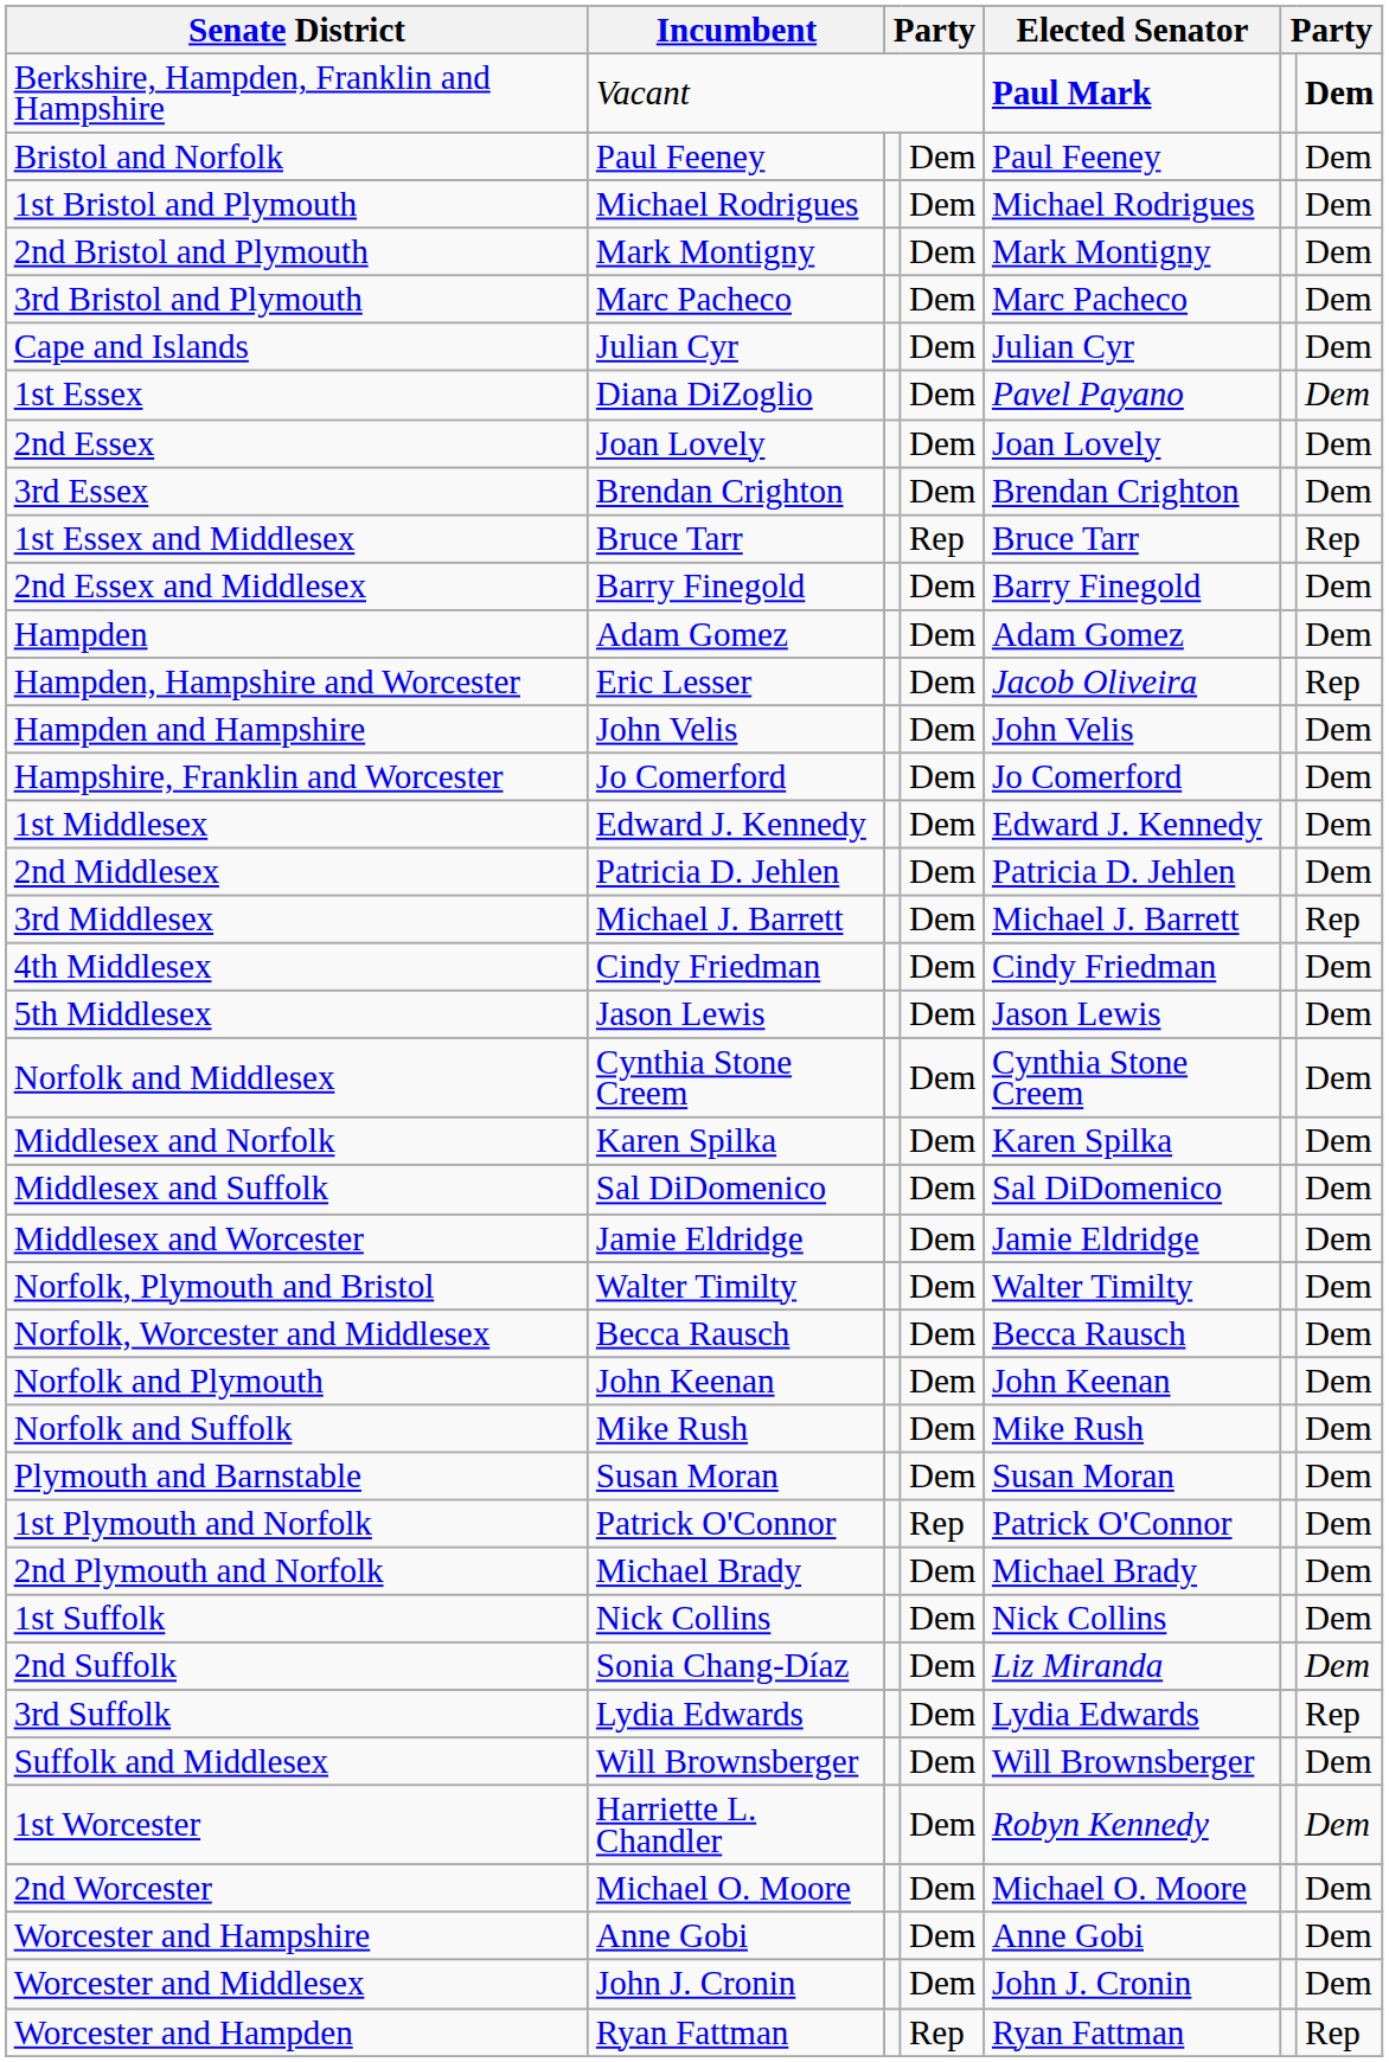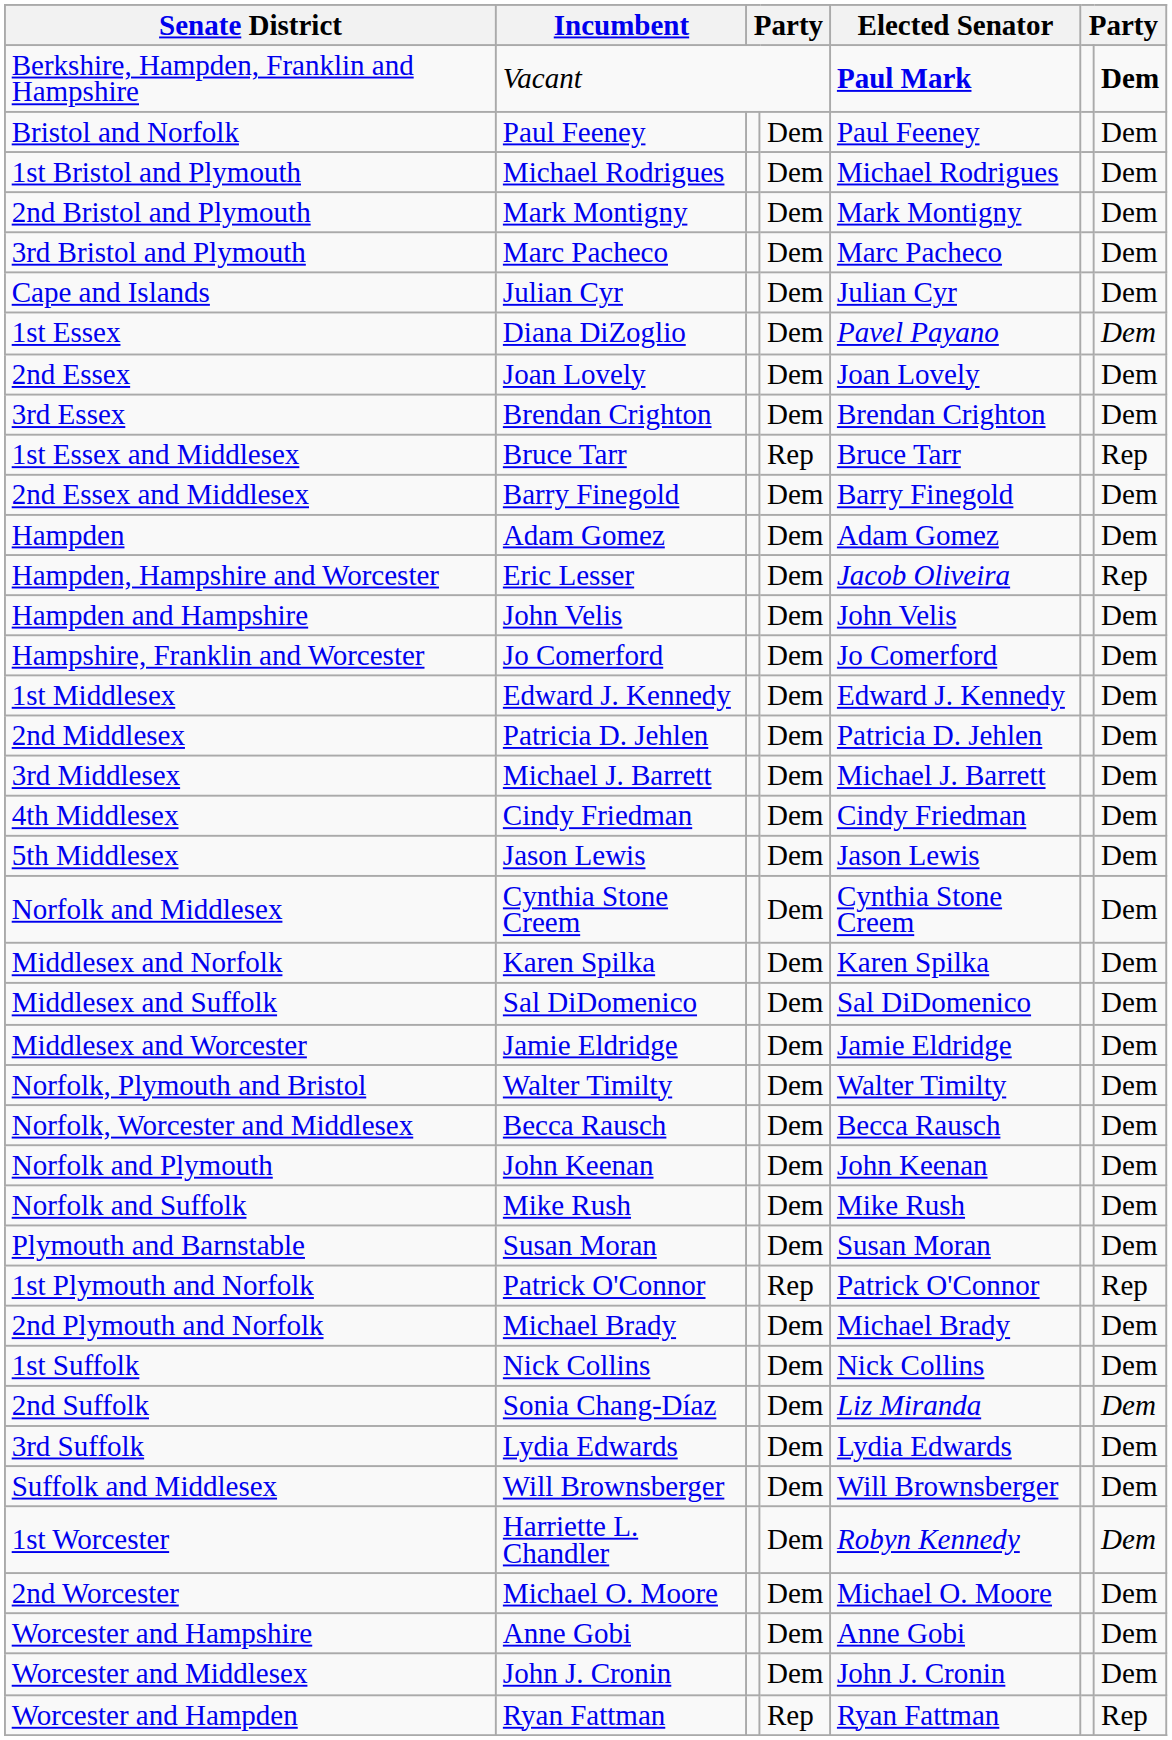 <table class="sortable wikitable" style="font-size:95%;line-height:14px;">
 <tr>
 <th class="unsortable"><a href='#'>Senate</a> District</th>
 <th class="unsortable"><a href='#'>Incumbent</a></th>
 <th colspan="2">Party</th>
 <th class="unsortable">Elected Senator</th>
 <th colspan="2">Party</th>
 </tr>
 <tr>
 <td><a href='#'>Berkshire, Hampden, Franklin and Hampshire</a></td>
 <td colspan=3><em>Vacant</em></td>
 <td><strong><a href='#'>Paul Mark</a></strong></td>
 <td style="background:"></td>
 <td><strong>Dem</strong></td>
 </tr>
 <tr>
 <td><a href='#'>Bristol and Norfolk</a></td>
 <td><a href='#'>Paul Feeney</a></td>
 <td style="background:"></td>
 <td>Dem</td>
 <td><a href='#'>Paul Feeney</a></td>
 <td style="background:"></td>
 <td>Dem</td>
 </tr>
 <tr>
 <td><a href='#'>1st Bristol and Plymouth</a></td>
 <td><a href='#'>Michael Rodrigues</a></td>
 <td style="background:"></td>
 <td>Dem</td>
 <td><a href='#'>Michael Rodrigues</a></td>
 <td style="background:"></td>
 <td>Dem</td>
 </tr>
 <tr>
 <td><a href='#'>2nd Bristol and Plymouth</a></td>
 <td><a href='#'>Mark Montigny</a></td>
 <td style="background:"></td>
 <td>Dem</td>
 <td><a href='#'>Mark Montigny</a></td>
 <td style="background:"></td>
 <td>Dem</td>
 </tr>
 <tr>
 <td><a href='#'>3rd Bristol and Plymouth</a></td>
 <td><a href='#'>Marc Pacheco</a></td>
 <td style="background:"></td>
 <td>Dem</td>
 <td><a href='#'>Marc Pacheco</a></td>
 <td style="background:"></td>
 <td>Dem</td>
 </tr>
 <tr>
 <td><a href='#'>Cape and Islands</a></td>
 <td><a href='#'>Julian Cyr</a></td>
 <td style="background:"></td>
 <td>Dem</td>
 <td><a href='#'>Julian Cyr</a></td>
 <td style="background:"></td>
 <td>Dem</td>
 </tr>
 <tr>
 <td><a href='#'>1st Essex</a></td>
 <td><a href='#'>Diana DiZoglio</a></td>
 <td style="background:"></td>
 <td>Dem</td>
 <td><em><a href='#'>Pavel Payano</a></em></td>
 <td style="background:"></td>
 <td><em>Dem</em></td>
 </tr>
 <tr>
 <td><a href='#'>2nd Essex</a></td>
 <td><a href='#'>Joan Lovely</a></td>
 <td style="background:"></td>
 <td>Dem</td>
 <td><a href='#'>Joan Lovely</a></td>
 <td style="background:"></td>
 <td>Dem</td>
 </tr>
 <tr>
 <td><a href='#'>3rd Essex</a></td>
 <td><a href='#'>Brendan Crighton</a></td>
 <td style="background:"></td>
 <td>Dem</td>
 <td><a href='#'>Brendan Crighton</a></td>
 <td style="background:"></td>
 <td>Dem</td>
 </tr>
 <tr>
 <td><a href='#'>1st Essex and Middlesex</a></td>
 <td><a href='#'>Bruce Tarr</a></td>
 <td style="background:"></td>
 <td>Rep</td>
 <td><a href='#'>Bruce Tarr</a></td>
 <td style="background:"></td>
 <td>Rep</td>
 </tr>
 <tr>
 <td><a href='#'>2nd Essex and Middlesex</a></td>
 <td><a href='#'>Barry Finegold</a></td>
 <td style="background:"></td>
 <td>Dem</td>
 <td><a href='#'>Barry Finegold</a></td>
 <td style="background:"></td>
 <td>Dem</td>
 </tr>
 <tr>
 <td><a href='#'>Hampden</a></td>
 <td><a href='#'>Adam Gomez</a></td>
 <td style="background:"></td>
 <td>Dem</td>
 <td><a href='#'>Adam Gomez</a></td>
 <td style="background:"></td>
 <td>Dem</td>
 </tr>
 <tr>
 <td><a href='#'>Hampden, Hampshire and Worcester</a></td>
 <td><a href='#'>Eric Lesser</a></td>
 <td style="background:"></td>
 <td>Dem</td>
 <td><em><a href='#'>Jacob Oliveira</a></em></td>
 <td style="background:"></td>
 <td>Rep</td>
 </tr>
 <tr>
 <td><a href='#'>Hampden and Hampshire</a></td>
 <td><a href='#'>John Velis</a></td>
 <td style="background:"></td>
 <td>Dem</td>
 <td><a href='#'>John Velis</a></td>
 <td style="background:"></td>
 <td>Dem</td>
 </tr>
 <tr>
 <td><a href='#'>Hampshire, Franklin and Worcester</a></td>
 <td><a href='#'>Jo Comerford</a></td>
 <td style="background:"></td>
 <td>Dem</td>
 <td><a href='#'>Jo Comerford</a></td>
 <td style="background:"></td>
 <td>Dem</td>
 </tr>
 <tr>
 <td><a href='#'>1st Middlesex</a></td>
 <td><a href='#'>Edward J. Kennedy</a></td>
 <td style="background:"></td>
 <td>Dem</td>
 <td><a href='#'>Edward J. Kennedy</a></td>
 <td style="background:"></td>
 <td>Dem</td>
 </tr>
 <tr>
 <td><a href='#'>2nd Middlesex</a></td>
 <td><a href='#'>Patricia D. Jehlen</a></td>
 <td style="background:"></td>
 <td>Dem</td>
 <td><a href='#'>Patricia D. Jehlen</a></td>
 <td style="background:"></td>
 <td>Dem</td>
 </tr>
 <tr>
 <td><a href='#'>3rd Middlesex</a></td>
 <td><a href='#'>Michael J. Barrett</a></td>
 <td style="background:"></td>
 <td>Dem</td>
 <td><a href='#'>Michael J. Barrett</a></td>
 <td style="background:"></td>
-<td>Rep</td>
+<td>Dem</td>
 </tr>
 <tr>
 <td><a href='#'>4th Middlesex</a></td>
 <td><a href='#'>Cindy Friedman</a></td>
 <td style="background:"></td>
 <td>Dem</td>
 <td><a href='#'>Cindy Friedman</a></td>
 <td style="background:"></td>
 <td>Dem</td>
 </tr>
 <tr>
 <td><a href='#'>5th Middlesex</a></td>
 <td><a href='#'>Jason Lewis</a></td>
 <td style="background:"></td>
 <td>Dem</td>
 <td><a href='#'>Jason Lewis</a></td>
 <td style="background:"></td>
 <td>Dem</td>
 </tr>
 <tr>
 <td><a href='#'>Norfolk and Middlesex</a></td>
 <td><a href='#'>Cynthia Stone Creem</a></td>
 <td style="background:"></td>
 <td>Dem</td>
 <td><a href='#'>Cynthia Stone Creem</a></td>
 <td style="background:"></td>
 <td>Dem</td>
 </tr>
 <tr>
 <td><a href='#'>Middlesex and Norfolk</a></td>
 <td><a href='#'>Karen Spilka</a></td>
 <td style="background:"></td>
 <td>Dem</td>
 <td><a href='#'>Karen Spilka</a></td>
 <td style="background:"></td>
 <td>Dem</td>
 </tr>
 <tr>
 <td><a href='#'>Middlesex and Suffolk</a></td>
 <td><a href='#'>Sal DiDomenico</a></td>
 <td style="background:"></td>
 <td>Dem</td>
 <td><a href='#'>Sal DiDomenico</a></td>
 <td style="background:"></td>
 <td>Dem</td>
 </tr>
 <tr>
 <td><a href='#'>Middlesex and Worcester</a></td>
 <td><a href='#'>Jamie Eldridge</a></td>
 <td style="background:"></td>
 <td>Dem</td>
 <td><a href='#'>Jamie Eldridge</a></td>
 <td style="background:"></td>
 <td>Dem</td>
 </tr>
 <tr>
 <td><a href='#'>Norfolk, Plymouth and Bristol</a></td>
 <td><a href='#'>Walter Timilty</a></td>
 <td style="background:"></td>
 <td>Dem</td>
 <td><a href='#'>Walter Timilty</a></td>
 <td style="background:"></td>
 <td>Dem</td>
 </tr>
 <tr>
 <td><a href='#'>Norfolk, Worcester and Middlesex</a></td>
 <td><a href='#'>Becca Rausch</a></td>
 <td style="background:"></td>
 <td>Dem</td>
 <td><a href='#'>Becca Rausch</a></td>
 <td style="background:"></td>
 <td>Dem</td>
 </tr>
 <tr>
 <td><a href='#'>Norfolk and Plymouth</a></td>
 <td><a href='#'>John Keenan</a></td>
 <td style="background:"></td>
 <td>Dem</td>
 <td><a href='#'>John Keenan</a></td>
 <td style="background:"></td>
 <td>Dem</td>
 </tr>
 <tr>
 <td><a href='#'>Norfolk and Suffolk</a></td>
 <td><a href='#'>Mike Rush</a></td>
 <td style="background:"></td>
 <td>Dem</td>
 <td><a href='#'>Mike Rush</a></td>
 <td style="background:"></td>
 <td>Dem</td>
 </tr>
 <tr>
 <td><a href='#'>Plymouth and Barnstable</a></td>
 <td><a href='#'>Susan Moran</a></td>
 <td style="background:"></td>
 <td>Dem</td>
 <td><a href='#'>Susan Moran</a></td>
 <td style="background:"></td>
 <td>Dem</td>
 </tr>
 <tr>
 <td><a href='#'>1st Plymouth and Norfolk</a></td>
 <td><a href='#'>Patrick O'Connor</a></td>
 <td style="background:"></td>
 <td>Rep</td>
 <td><a href='#'>Patrick O'Connor</a></td>
 <td style="background:"></td>
-<td>Dem</td>
+<td>Rep</td>
 </tr>
 <tr>
 <td><a href='#'>2nd Plymouth and Norfolk</a></td>
 <td><a href='#'>Michael Brady</a></td>
 <td style="background:"></td>
 <td>Dem</td>
 <td><a href='#'>Michael Brady</a></td>
 <td style="background:"></td>
 <td>Dem</td>
 </tr>
 <tr>
 <td><a href='#'>1st Suffolk</a></td>
 <td><a href='#'>Nick Collins</a></td>
 <td style="background:"></td>
 <td>Dem</td>
 <td><a href='#'>Nick Collins</a></td>
 <td style="background:"></td>
 <td>Dem</td>
 </tr>
 <tr>
 <td><a href='#'>2nd Suffolk</a></td>
 <td><a href='#'>Sonia Chang-Díaz</a></td>
 <td style="background:"></td>
 <td>Dem</td>
 <td><em><a href='#'>Liz Miranda</a></em></td>
 <td style="background:"></td>
 <td><em>Dem</em></td>
 </tr>
 <tr>
 <td><a href='#'>3rd Suffolk</a></td>
 <td><a href='#'>Lydia Edwards</a></td>
 <td style="background:"></td>
 <td>Dem</td>
 <td><a href='#'>Lydia Edwards</a></td>
 <td style="background:"></td>
-<td>Rep</td>
+<td>Dem</td>
 </tr>
 <tr>
 <td><a href='#'>Suffolk and Middlesex</a></td>
 <td><a href='#'>Will Brownsberger</a></td>
 <td style="background:"></td>
 <td>Dem</td>
 <td><a href='#'>Will Brownsberger</a></td>
 <td style="background:"></td>
 <td>Dem</td>
 </tr>
 <tr>
 <td><a href='#'>1st Worcester</a></td>
 <td><a href='#'>Harriette L. Chandler</a></td>
 <td style="background:"></td>
 <td>Dem</td>
 <td><em><a href='#'>Robyn Kennedy</a></em></td>
 <td style="background:"></td>
 <td><em>Dem</em></td>
 </tr>
 <tr>
 <td><a href='#'>2nd Worcester</a></td>
 <td><a href='#'>Michael O. Moore</a></td>
 <td style="background:"></td>
 <td>Dem</td>
 <td><a href='#'>Michael O. Moore</a></td>
 <td style="background:"></td>
 <td>Dem</td>
 </tr>
 <tr>
 <td><a href='#'>Worcester and Hampshire</a></td>
 <td><a href='#'>Anne Gobi</a></td>
 <td style="background:"></td>
 <td>Dem</td>
 <td><a href='#'>Anne Gobi</a></td>
 <td style="background:"></td>
 <td>Dem</td>
 </tr>
 <tr>
 <td><a href='#'>Worcester and Middlesex</a></td>
 <td><a href='#'>John J. Cronin</a></td>
 <td style="background:"></td>
 <td>Dem</td>
 <td><a href='#'>John J. Cronin</a></td>
 <td style="background:"></td>
 <td>Dem</td>
 </tr>
 <tr>
 <td><a href='#'>Worcester and Hampden</a></td>
 <td><a href='#'>Ryan Fattman</a></td>
 <td style="background:"></td>
 <td>Rep</td>
 <td><a href='#'>Ryan Fattman</a></td>
 <td style="background:"></td>
 <td>Rep</td>
 </tr>
 <tr>
 </tr>
 </table>
